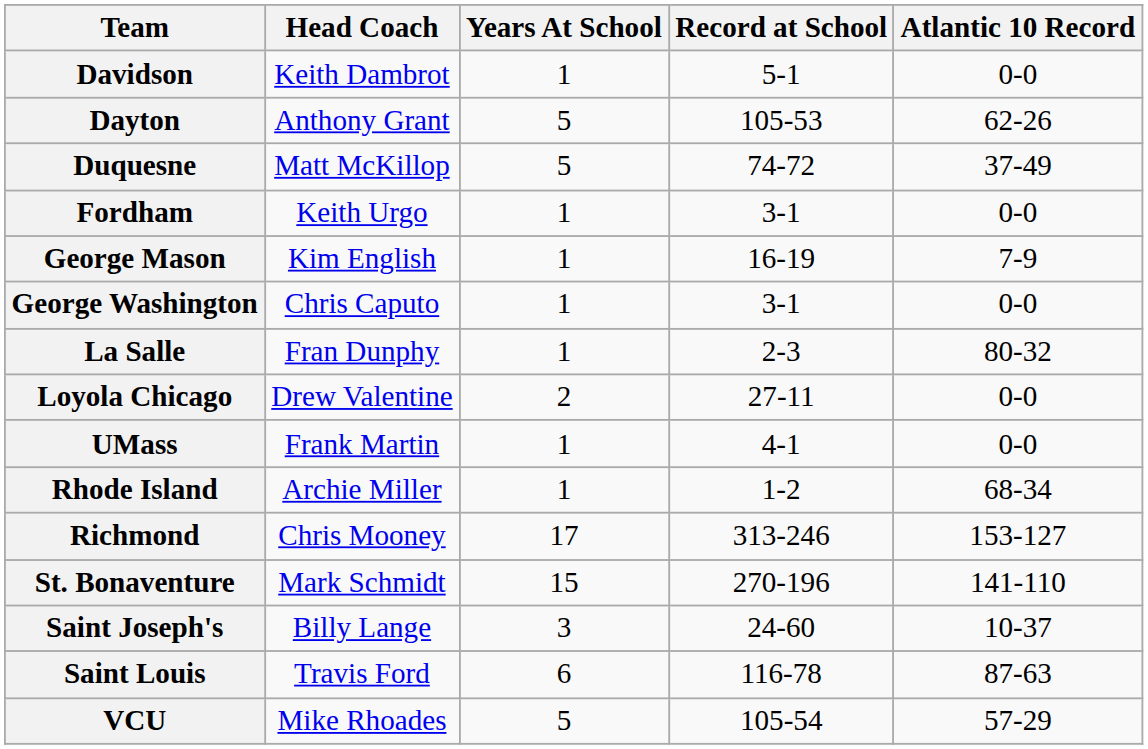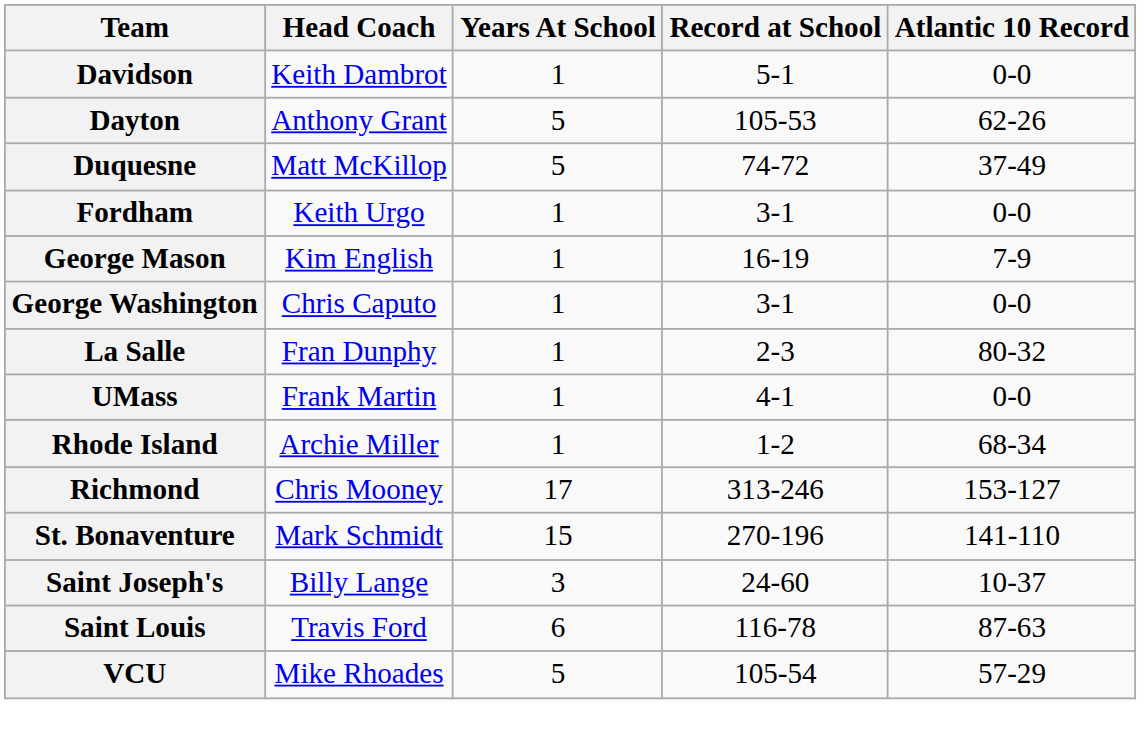 <table class="wikitable sortable" style="text-align:center">
 <tr>
 <th>Team</th>
 <th>Head Coach</th>
 <th>Years At School</th>
 <th>Record at School</th>
 <th>Atlantic 10 Record</th>
 </tr>
 <tr>
 <th>Davidson</th>
 <td><a href='#'>Keith Dambrot</a></td>
 <td>1</td>
 <td>5-1</td>
 <td>0-0</td>
 </tr>
 <tr>
 <th>Dayton</th>
 <td><a href='#'>Anthony Grant</a></td>
 <td>5</td>
 <td>105-53</td>
 <td>62-26</td>
 </tr>
 <tr>
 <th>Duquesne</th>
 <td><a href='#'>Matt McKillop</a></td>
 <td>5</td>
 <td>74-72</td>
 <td>37-49</td>
 </tr>
 <tr>
 <th>Fordham</th>
 <td><a href='#'>Keith Urgo</a></td>
 <td>1</td>
 <td>3-1</td>
 <td>0-0</td>
 </tr>
 <tr>
 <th>George Mason</th>
 <td><a href='#'>Kim English</a></td>
 <td>1</td>
 <td>16-19</td>
 <td>7-9</td>
 </tr>
 <tr>
 <th>George Washington</th>
 <td><a href='#'>Chris Caputo</a></td>
 <td>1</td>
 <td>3-1</td>
 <td>0-0</td>
 </tr>
 <tr>
 <th>La Salle</th>
 <td><a href='#'>Fran Dunphy</a></td>
 <td>1</td>
 <td>2-3</td>
 <td>80-32</td>
 </tr>
 <tr>
-<th>Loyola Chicago</th>
-<td><a href='#'>Drew Valentine</a></td>
-<td>2</td>
-<td>27-11</td>
-<td>0-0</td>
-</tr>
-<tr>
 <th>UMass</th>
 <td><a href='#'>Frank Martin</a></td>
 <td>1</td>
 <td>4-1</td>
 <td>0-0</td>
 </tr>
 <tr>
 <th>Rhode Island</th>
 <td><a href='#'>Archie Miller</a></td>
 <td>1</td>
 <td>1-2</td>
 <td>68-34</td>
 </tr>
 <tr>
 <th>Richmond</th>
 <td><a href='#'>Chris Mooney</a></td>
 <td>17</td>
 <td>313-246</td>
 <td>153-127</td>
 </tr>
 <tr>
 <th>St. Bonaventure</th>
 <td><a href='#'>Mark Schmidt</a></td>
 <td>15</td>
 <td>270-196</td>
 <td>141-110</td>
 </tr>
 <tr>
 <th>Saint Joseph's</th>
 <td><a href='#'>Billy Lange</a></td>
 <td>3</td>
 <td>24-60</td>
 <td>10-37</td>
 </tr>
 <tr>
 <th>Saint Louis</th>
 <td><a href='#'>Travis Ford</a></td>
 <td>6</td>
 <td>116-78</td>
 <td>87-63</td>
 </tr>
 <tr>
 <th>VCU</th>
 <td><a href='#'>Mike Rhoades</a></td>
 <td>5</td>
 <td>105-54</td>
 <td>57-29</td>
 </tr>
 </table>
